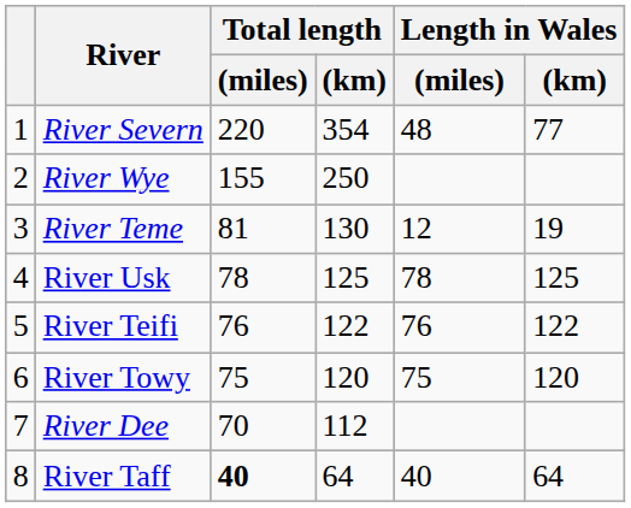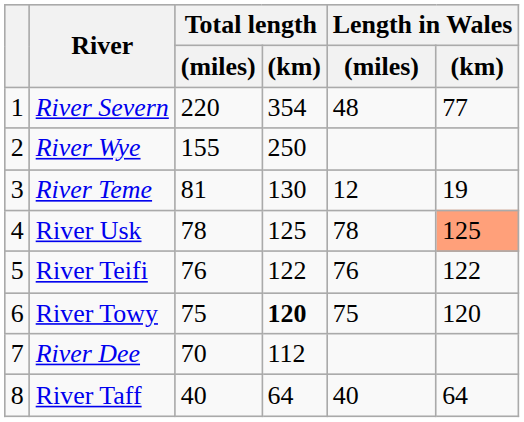 <table class="wikitable sortable">
 <tr>
 <th rowspan=2></th>
 <th rowspan=2>River</th>
 <th colspan=2>Total length</th>
 <th colspan=2>Length in Wales</th>
 </tr>
 <tr>
 <th>(miles)</th>
 <th>(km)</th>
 <th>(miles)</th>
 <th>(km)</th>
 </tr>
 <tr>
 <td>1</td>
 <td><em><a href='#'>River Severn</a></em></td>
 <td>220</td>
 <td>354</td>
 <td>48</td>
 <td>77</td>
 </tr>
 <tr>
 <td>2</td>
 <td><em><a href='#'>River Wye</a></em></td>
 <td>155</td>
 <td>250</td>
 <td></td>
 <td></td>
 </tr>
 <tr>
 <td>3</td>
 <td><em><a href='#'>River Teme</a></em></td>
 <td>81</td>
 <td>130</td>
 <td>12</td>
 <td>19</td>
 </tr>
 <tr>
 <td>4</td>
 <td><a href='#'>River Usk</a></td>
 <td>78</td>
 <td>125</td>
 <td>78</td>
-<td>125</td>
+<td style="background: lightsalmon;">125</td>
 </tr>
 <tr>
 <td>5</td>
 <td><a href='#'>River Teifi</a></td>
 <td>76</td>
 <td>122</td>
 <td>76</td>
 <td>122</td>
 </tr>
 <tr>
 <td>6</td>
 <td><a href='#'>River Towy</a></td>
 <td>75</td>
-<td>120</td>
+<td><strong>120</strong></td>
 <td>75</td>
 <td>120</td>
 </tr>
 <tr>
 <td>7</td>
 <td><em><a href='#'>River Dee</a></em></td>
 <td>70</td>
 <td>112</td>
 <td></td>
 <td></td>
 </tr>
 <tr>
 <td>8</td>
 <td><a href='#'>River Taff</a></td>
-<td><strong>40</strong></td>
+<td>40</td>
 <td>64</td>
 <td>40</td>
 <td>64</td>
 </tr>
 </table>
